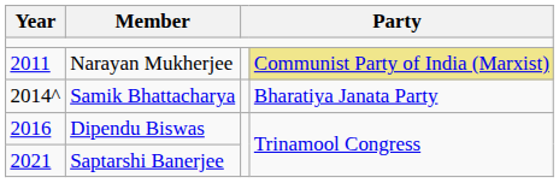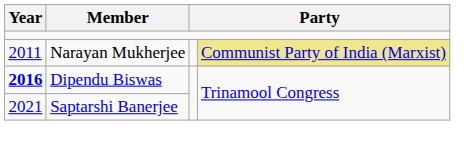 <table class="wikitable">
 <tr>
 <th>Year</th>
 <th>Member</th>
 <th colspan="2">Party</th>
 </tr>
 <tr>
 <td colspan="4"></td>
 </tr>
 <tr>
 <td><a href='#'>2011</a></td>
 <td>Narayan Mukherjee</td>
 <td style="background-color: "></td>
 <td style="background: khaki;"><a href='#'>Communist Party of India (Marxist)</a></td>
 </tr>
 <tr>
-<td>2014^</td>
-<td><a href='#'>Samik Bhattacharya</a></td>
-<td style="background-color: "></td>
-<td><a href='#'>Bharatiya Janata Party</a></td>
-</tr>
-<tr>
-<td><a href='#'>2016</a></td>
+<td><strong><a href='#'>2016</a></strong></td>
 <td><a href='#'>Dipendu Biswas</a></td>
 <td rowspan="2" style="background-color: "></td>
 <td rowspan="2"><a href='#'>Trinamool Congress</a></td>
 </tr>
 <tr>
 <td><a href='#'>2021</a></td>
 <td><a href='#'>Saptarshi Banerjee</a></td>
 </tr>
 </table>
